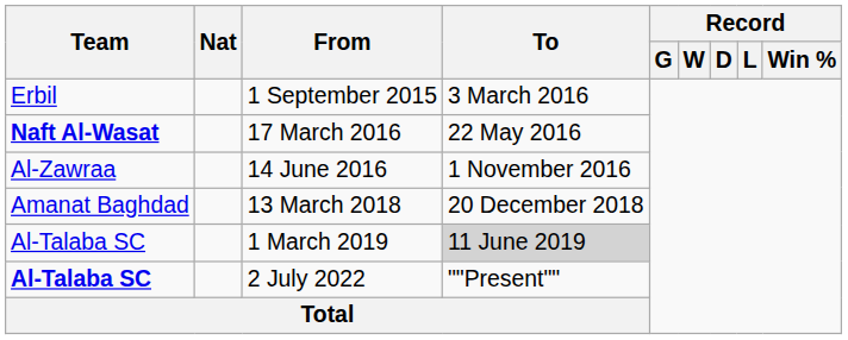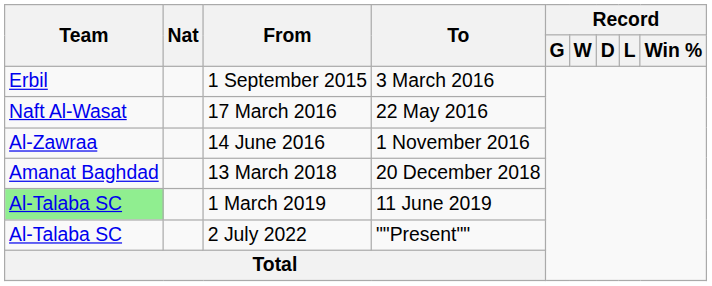 <table class="wikitable" style="text-align: center">
 <tr>
 <th rowspan="2">Team</th>
 <th rowspan="2">Nat</th>
 <th rowspan="2">From</th>
 <th rowspan="2">To</th>
 <th colspan="5">Record</th>
 </tr>
 <tr>
 <th>G</th>
 <th>W</th>
 <th>D</th>
 <th>L</th>
 <th>Win %</th>
 </tr>
 <tr>
 <td align=left><a href='#'>Erbil</a></td>
 <td></td>
 <td align=left>1 September 2015</td>
 <td align=left>3 March 2016<br></td>
 </tr>
 <tr>
-<td align=left><strong><a href='#'>Naft Al-Wasat</a></strong></td>
+<td align=left><a href='#'>Naft Al-Wasat</a></td>
 <td></td>
 <td align=left>17 March 2016</td>
 <td align=left>22 May 2016<br></td>
 </tr>
 <tr>
 <td align=left><a href='#'>Al-Zawraa</a></td>
 <td></td>
 <td align=left>14 June 2016</td>
 <td align=left>1 November 2016<br></td>
 </tr>
 <tr>
 <td align=left><a href='#'>Amanat Baghdad</a></td>
 <td></td>
 <td align=left>13 March 2018</td>
 <td align=left>20 December 2018<br></td>
 </tr>
 <tr>
-<td align=left><a href='#'>Al-Talaba SC</a></td>
+<td align=left style="background: lightgreen;"><a href='#'>Al-Talaba SC</a></td>
 <td></td>
 <td align=left>1 March 2019</td>
-<td align=left style="background: lightgrey;">11 June 2019<br></td>
+<td align=left>11 June 2019<br></td>
 </tr>
 <tr>
-<td align=left><strong><a href='#'>Al-Talaba SC</a></strong></td>
+<td align=left><a href='#'>Al-Talaba SC</a></td>
 <td></td>
 <td align=left>2 July 2022</td>
 <td align=left>""Present""<br></td>
 </tr>
 <tr>
 <th colspan="4" align="center" valign=middle>Total<br></th>
 </tr>
 </table>
